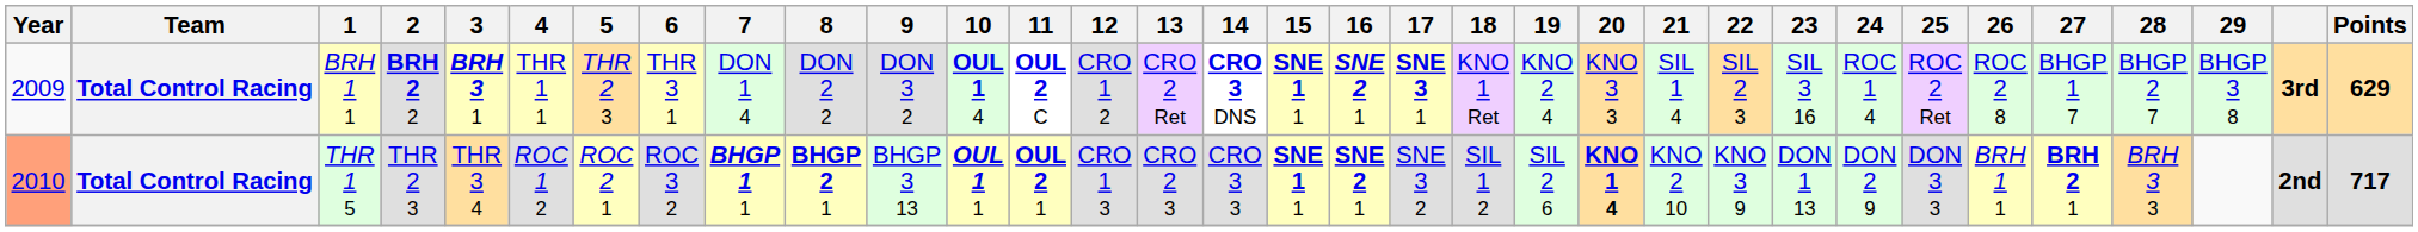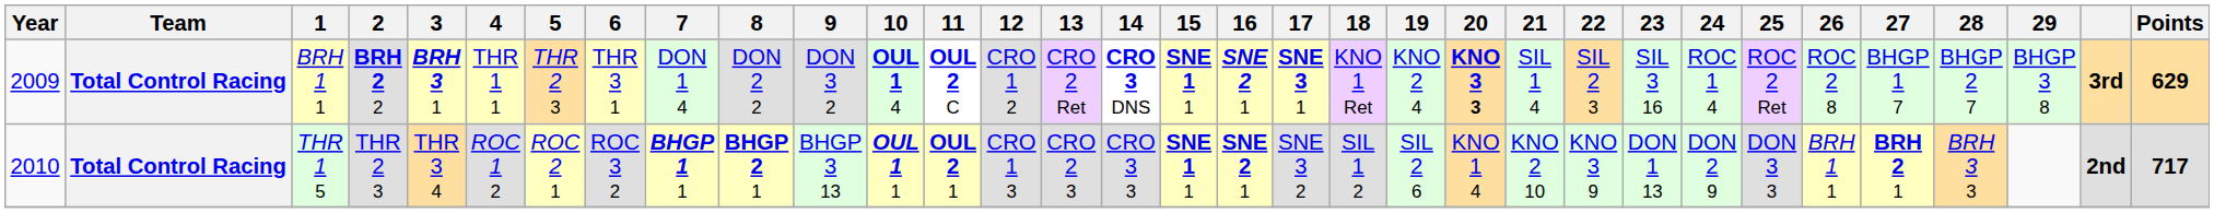 <table class="wikitable" style="text-align:center; font-size:85%">
 <tr>
 <th>Year</th>
 <th>Team</th>
 <th>1</th>
 <th>2</th>
 <th>3</th>
 <th>4</th>
 <th>5</th>
 <th>6</th>
 <th>7</th>
 <th>8</th>
 <th>9</th>
 <th>10</th>
 <th>11</th>
 <th>12</th>
 <th>13</th>
 <th>14</th>
 <th>15</th>
 <th>16</th>
 <th>17</th>
 <th>18</th>
 <th>19</th>
 <th>20</th>
 <th>21</th>
 <th>22</th>
 <th>23</th>
 <th>24</th>
 <th>25</th>
 <th>26</th>
 <th>27</th>
 <th>28</th>
 <th>29</th>
 <th></th>
 <th>Points</th>
 </tr>
 <tr>
 <td><a href='#'>2009</a></td>
 <th nowrap><a href='#'>Total Control Racing</a></th>
 <td style="background:#FFFFBF;"><em><a href='#'>BRH<br>1</a></em><br><small>1</small></td>
 <td style="background:#DFDFDF;"><strong><a href='#'>BRH<br>2</a></strong><br><small>2</small></td>
 <td style="background:#FFFFBF;"><strong><em><a href='#'>BRH<br>3</a></em></strong><br><small>1</small></td>
 <td style="background:#FFFFBF;"><a href='#'>THR<br>1</a><br><small>1</small></td>
 <td style="background:#FFDF9F;"><em><a href='#'>THR<br>2</a></em><br><small>3</small></td>
 <td style="background:#FFFFBF;"><a href='#'>THR<br>3</a><br><small>1</small></td>
 <td style="background:#DFFFDF;"><a href='#'>DON<br>1</a><br><small>4</small></td>
 <td style="background:#DFDFDF;"><a href='#'>DON<br>2</a><br><small>2</small></td>
 <td style="background:#DFDFDF;"><a href='#'>DON<br>3</a><br><small>2</small></td>
 <td style="background:#DFFFDF;"><strong><a href='#'>OUL<br>1</a></strong><br><small>4</small></td>
 <td style="background:#FFFFFF;"><strong><a href='#'>OUL<br>2</a></strong><br><small>C</small></td>
 <td style="background:#DFDFDF;"><a href='#'>CRO<br>1</a><br><small>2</small></td>
 <td style="background:#EFCFFF;"><a href='#'>CRO<br>2</a><br><small>Ret</small></td>
 <td style="background:#FFFFFF;"><strong><a href='#'>CRO<br>3</a></strong><br><small>DNS</small></td>
 <td style="background:#FFFFBF;"><strong><a href='#'>SNE<br>1</a></strong><br><small>1</small></td>
 <td style="background:#FFFFBF;"><strong><em><a href='#'>SNE<br>2</a></em></strong><br><small>1</small></td>
 <td style="background:#FFFFBF;"><strong><a href='#'>SNE<br>3</a></strong><br><small>1</small></td>
 <td style="background:#EFCFFF;"><a href='#'>KNO<br>1</a><br><small>Ret</small></td>
 <td style="background:#DFFFDF;"><a href='#'>KNO<br>2</a><br><small>4</small></td>
-<td style="background:#FFDF9F;"><a href='#'>KNO<br>3</a><br><small>3</small></td>
+<td style="background:#FFDF9F;"><strong><a href='#'>KNO<br>3</a><br><small>3</small></strong></td>
 <td style="background:#DFFFDF;"><a href='#'>SIL<br>1</a><br><small>4</small></td>
 <td style="background:#FFDF9F;"><a href='#'>SIL<br>2</a><br><small>3</small></td>
 <td style="background:#DFFFDF;"><a href='#'>SIL<br>3</a><br><small>16</small></td>
 <td style="background:#DFFFDF;"><a href='#'>ROC<br>1</a><br><small>4</small></td>
 <td style="background:#EFCFFF;"><a href='#'>ROC<br>2</a><br><small>Ret</small></td>
 <td style="background:#DFFFDF;"><a href='#'>ROC<br>2</a><br><small>8</small></td>
 <td style="background:#DFFFDF;"><a href='#'>BHGP<br>1</a><br><small>7</small></td>
 <td style="background:#DFFFDF;"><a href='#'>BHGP<br>2</a><br><small>7</small></td>
 <td style="background:#DFFFDF;"><a href='#'>BHGP<br>3</a><br><small>8</small></td>
 <th style="background:#FFDF9F;">3rd</th>
 <th style="background:#FFDF9F;">629</th>
 </tr>
 <tr>
-<td style="background: lightsalmon;"><a href='#'>2010</a></td>
+<td><a href='#'>2010</a></td>
 <th nowrap><a href='#'>Total Control Racing</a></th>
 <td style="background:#DFFFDF;"><em><a href='#'>THR<br>1</a></em><br><small>5</small></td>
 <td style="background:#DFDFDF;"><a href='#'>THR<br>2</a><br><small>3</small></td>
 <td style="background:#FFDF9F;"><a href='#'>THR<br>3</a><br><small>4</small></td>
 <td style="background:#DFDFDF;"><em><a href='#'>ROC<br>1</a></em><br><small>2</small></td>
 <td style="background:#FFFFBF;"><em><a href='#'>ROC<br>2</a></em><br><small>1</small></td>
 <td style="background:#DFDFDF;"><a href='#'>ROC<br>3</a><br><small>2</small></td>
 <td style="background:#FFFFBF;"><strong><em><a href='#'>BHGP<br>1</a></em></strong><br><small>1</small></td>
 <td style="background:#FFFFBF;"><strong><a href='#'>BHGP<br>2</a></strong><br><small>1</small></td>
 <td style="background:#DFFFDF;"><a href='#'>BHGP<br>3</a><br><small>13</small></td>
 <td style="background:#FFFFBF;"><strong><em><a href='#'>OUL<br>1</a></em></strong><br><small>1</small></td>
 <td style="background:#FFFFBF;"><strong><a href='#'>OUL<br>2</a></strong><br><small>1</small></td>
 <td style="background:#DFDFDF;"><a href='#'>CRO<br>1</a><br><small>3</small></td>
 <td style="background:#DFDFDF;"><a href='#'>CRO<br>2</a><br><small>3</small></td>
 <td style="background:#DFDFDF;"><a href='#'>CRO<br>3</a><br><small>3</small></td>
 <td style="background:#FFFFBF;"><strong><a href='#'>SNE<br>1</a></strong><br><small>1</small></td>
 <td style="background:#FFFFBF;"><strong><a href='#'>SNE<br>2</a></strong><br><small>1</small></td>
 <td style="background:#DFDFDF;"><a href='#'>SNE<br>3</a><br><small>2</small></td>
 <td style="background:#DFDFDF;"><a href='#'>SIL<br>1</a><br><small>2</small></td>
 <td style="background:#DFFFDF;"><a href='#'>SIL<br>2</a><br><small>6</small></td>
-<td style="background:#FFDF9F;"><strong><a href='#'>KNO<br>1</a><br><small>4</small></strong></td>
+<td style="background:#FFDF9F;"><a href='#'>KNO<br>1</a><br><small>4</small></td>
 <td style="background:#DFFFDF;"><a href='#'>KNO<br>2</a><br><small>10</small></td>
 <td style="background:#DFFFDF;"><a href='#'>KNO<br>3</a><br><small>9</small></td>
 <td style="background:#DFFFDF;"><a href='#'>DON<br>1</a><br><small>13</small></td>
 <td style="background:#DFFFDF;"><a href='#'>DON<br>2</a><br><small>9</small></td>
 <td style="background:#DFDFDF;"><a href='#'>DON<br>3</a><br><small>3</small></td>
 <td style="background:#FFFFBF;"><em><a href='#'>BRH<br>1</a></em><br><small>1</small></td>
 <td style="background:#FFFFBF;"><strong><a href='#'>BRH<br>2</a></strong><br><small>1</small></td>
 <td style="background:#FFDF9F;"><em><a href='#'>BRH<br>3</a></em><br><small>3</small></td>
 <td></td>
 <th style="background:#DFDFDF;">2nd</th>
 <th style="background:#DFDFDF;">717</th>
 </tr>
 <tr>
 </tr>
 </table>
